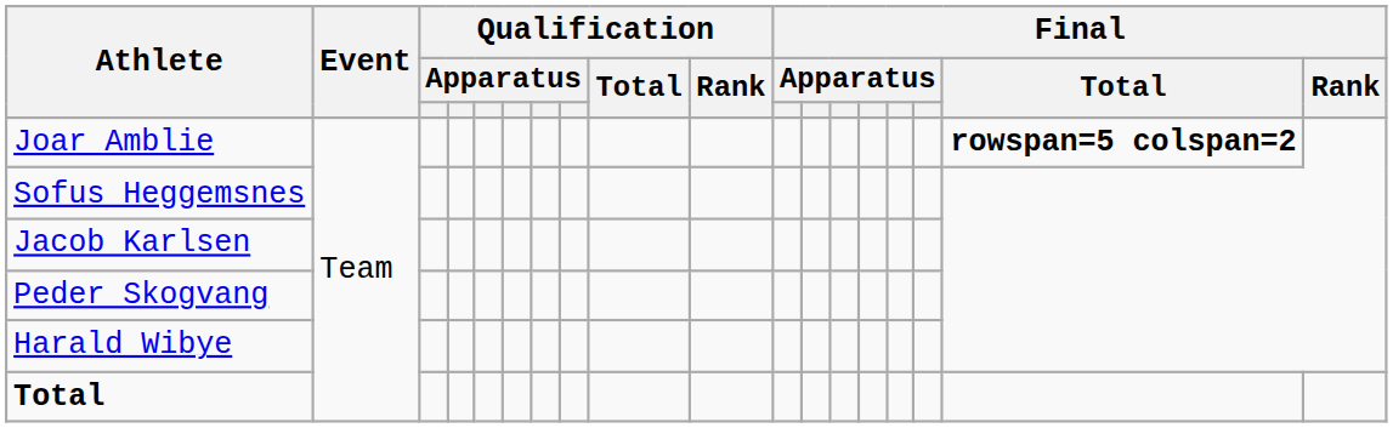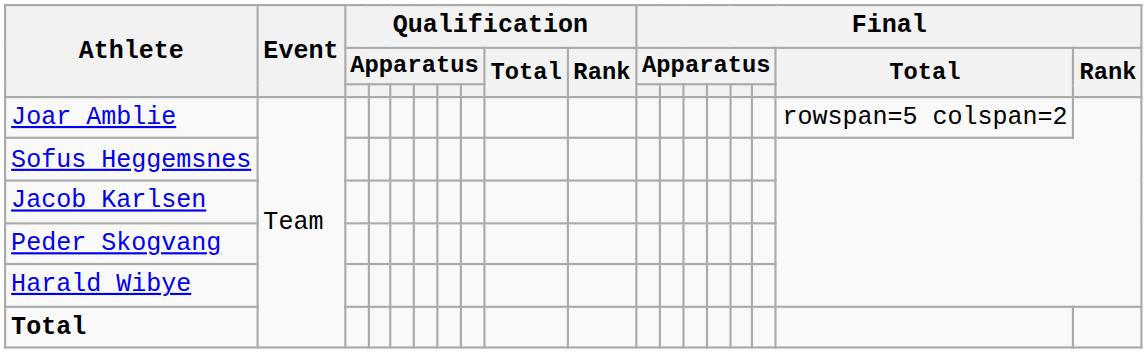 <table class="wikitable" style="font-size:90%">
 <tr>
 <th rowspan=3>Athlete</th>
 <th rowspan=3>Event</th>
 <th colspan =8>Qualification</th>
 <th colspan =8>Final</th>
 </tr>
 <tr style="font-size:95%">
 <th colspan=6>Apparatus</th>
 <th rowspan=2>Total</th>
 <th rowspan=2>Rank</th>
 <th colspan=6>Apparatus</th>
 <th rowspan=2>Total</th>
 <th rowspan=2>Rank</th>
 </tr>
 <tr style="font-size:95%">
 <th></th>
 <th></th>
 <th></th>
 <th></th>
 <th></th>
 <th></th>
 <th></th>
 <th></th>
 <th></th>
 <th></th>
 <th></th>
 <th></th>
 </tr>
 <tr align=center>
 <td align=left><a href='#'>Joar Amblie</a></td>
 <td align=left rowspan=6>Team</td>
 <td></td>
 <td></td>
 <td></td>
 <td></td>
 <td></td>
 <td></td>
 <td></td>
 <td></td>
 <td></td>
 <td></td>
 <td></td>
 <td></td>
 <td></td>
 <td></td>
-<td><strong>rowspan=5 colspan=2</strong></td>
+<td>rowspan=5 colspan=2</td>
 </tr>
 <tr align=center>
 <td align=left><a href='#'>Sofus Heggemsnes</a></td>
 <td></td>
 <td></td>
 <td></td>
 <td></td>
 <td></td>
 <td></td>
 <td></td>
 <td></td>
 <td></td>
 <td></td>
 <td></td>
 <td></td>
 <td></td>
 <td></td>
 </tr>
 <tr align=center>
 <td align=left><a href='#'>Jacob Karlsen</a></td>
 <td></td>
 <td></td>
 <td></td>
 <td></td>
 <td></td>
 <td></td>
 <td></td>
 <td></td>
 <td></td>
 <td></td>
 <td></td>
 <td></td>
 <td></td>
 <td></td>
 </tr>
 <tr align=center>
 <td align=left><a href='#'>Peder Skogvang</a></td>
 <td></td>
 <td></td>
 <td></td>
 <td></td>
 <td></td>
 <td></td>
 <td></td>
 <td></td>
 <td></td>
 <td></td>
 <td></td>
 <td></td>
 <td></td>
 <td></td>
 </tr>
 <tr align=center>
 <td align=left><a href='#'>Harald Wibye</a></td>
 <td></td>
 <td></td>
 <td></td>
 <td></td>
 <td></td>
 <td></td>
 <td></td>
 <td></td>
 <td></td>
 <td></td>
 <td></td>
 <td></td>
 <td></td>
 <td></td>
 </tr>
 <tr align=center>
 <td align=left><strong>Total</strong></td>
 <td></td>
 <td></td>
 <td></td>
 <td></td>
 <td></td>
 <td></td>
 <td></td>
 <td></td>
 <td></td>
 <td></td>
 <td></td>
 <td></td>
 <td></td>
 <td></td>
 <td></td>
 <td></td>
 </tr>
 </table>
